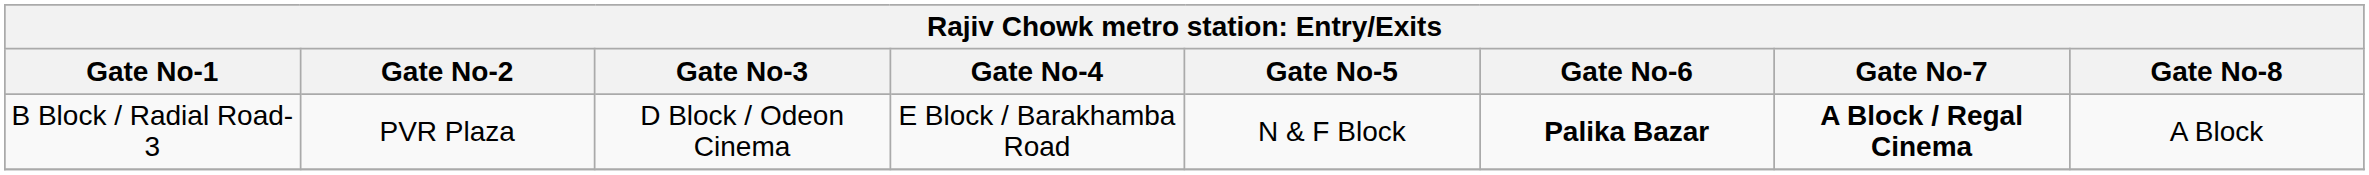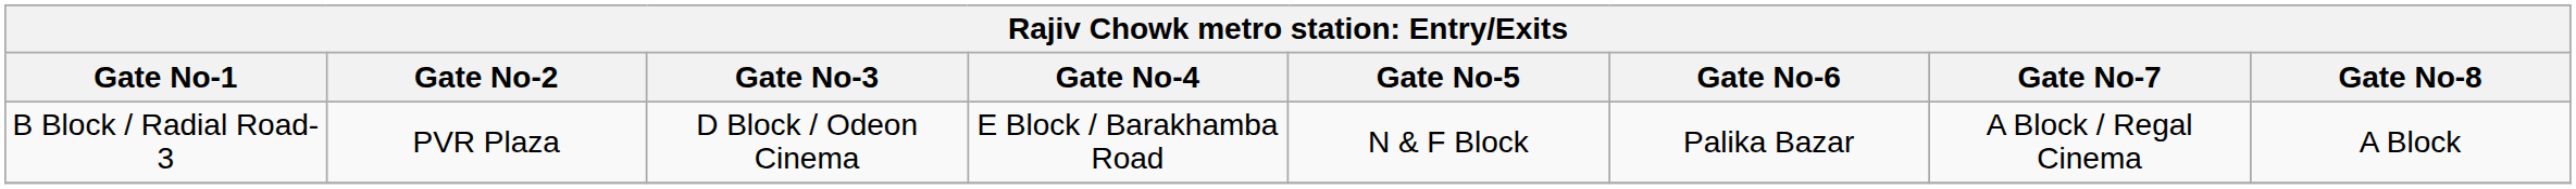 <table class="wikitable" style="text-align: center;" width="68%">
 <tr>
 <th align="center" colspan="8" style="background:#"><span>Rajiv Chowk metro station: Entry/Exits</span></th>
 </tr>
 <tr>
 <th style="width:8.5%;">Gate No-1 </th>
 <th style="width:8.5%;">Gate No-2 </th>
 <th style="width:8.5%;">Gate No-3</th>
 <th style="width:8.5%;">Gate No-4</th>
 <th style="width:8.5%;">Gate No-5</th>
 <th style="width:8.5%;">Gate No-6</th>
 <th style="width:8.5%;">Gate No-7 </th>
 <th style="width:8.5%;">Gate No-8 </th>
 </tr>
 <tr>
 <td>B Block / Radial Road-3</td>
 <td>PVR Plaza</td>
 <td>D Block / Odeon Cinema</td>
 <td>E Block / Barakhamba Road</td>
 <td>N & F Block</td>
-<td><strong>Palika Bazar</strong></td>
-<td><strong>A Block / Regal Cinema</strong></td>
+<td>Palika Bazar</td>
+<td>A Block / Regal Cinema</td>
 <td>A Block</td>
 </tr>
 <tr>
 </tr>
 </table>
